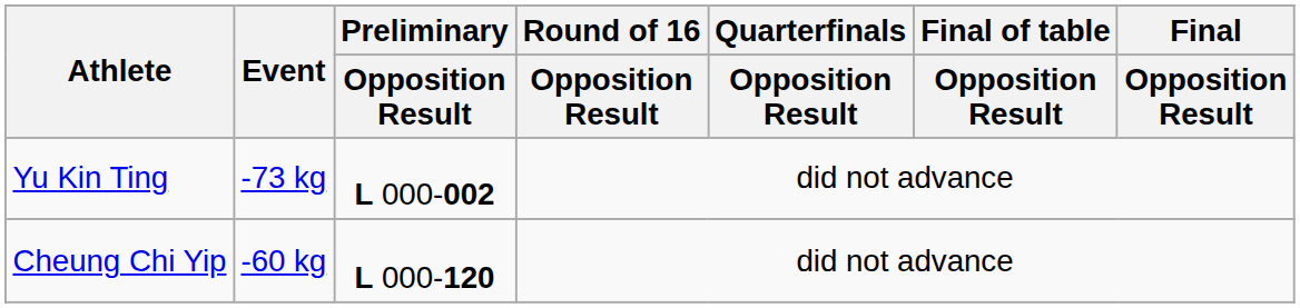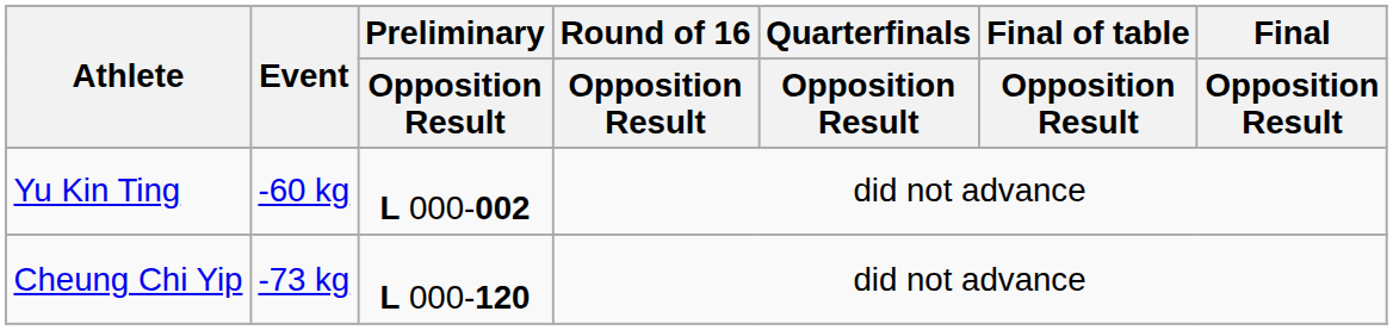 <table class=wikitable style="font-size:90%">
 <tr>
 <th rowspan=2>Athlete</th>
 <th rowspan=2>Event</th>
 <th>Preliminary</th>
 <th>Round of 16</th>
 <th>Quarterfinals</th>
 <th>Final of table</th>
 <th>Final</th>
 </tr>
 <tr>
 <th>Opposition<br>Result</th>
 <th>Opposition<br>Result</th>
 <th>Opposition<br>Result</th>
 <th>Opposition<br>Result</th>
 <th>Opposition<br>Result</th>
 </tr>
 <tr>
 <td><a href='#'>Yu Kin Ting</a></td>
-<td><a href='#'>-73 kg</a></td>
+<td><a href='#'>-60 kg</a></td>
 <td align=center><br><strong>L</strong> 000-<strong>002</strong></td>
 <td align=center colspan="7">did not advance</td>
 </tr>
 <tr>
 <td><a href='#'>Cheung Chi Yip</a></td>
-<td><a href='#'>-60 kg</a></td>
+<td><a href='#'>-73 kg</a></td>
 <td align=center><br><strong>L</strong> 000-<strong>120</strong></td>
 <td align=center colspan="7">did not advance</td>
 </tr>
 </table>
